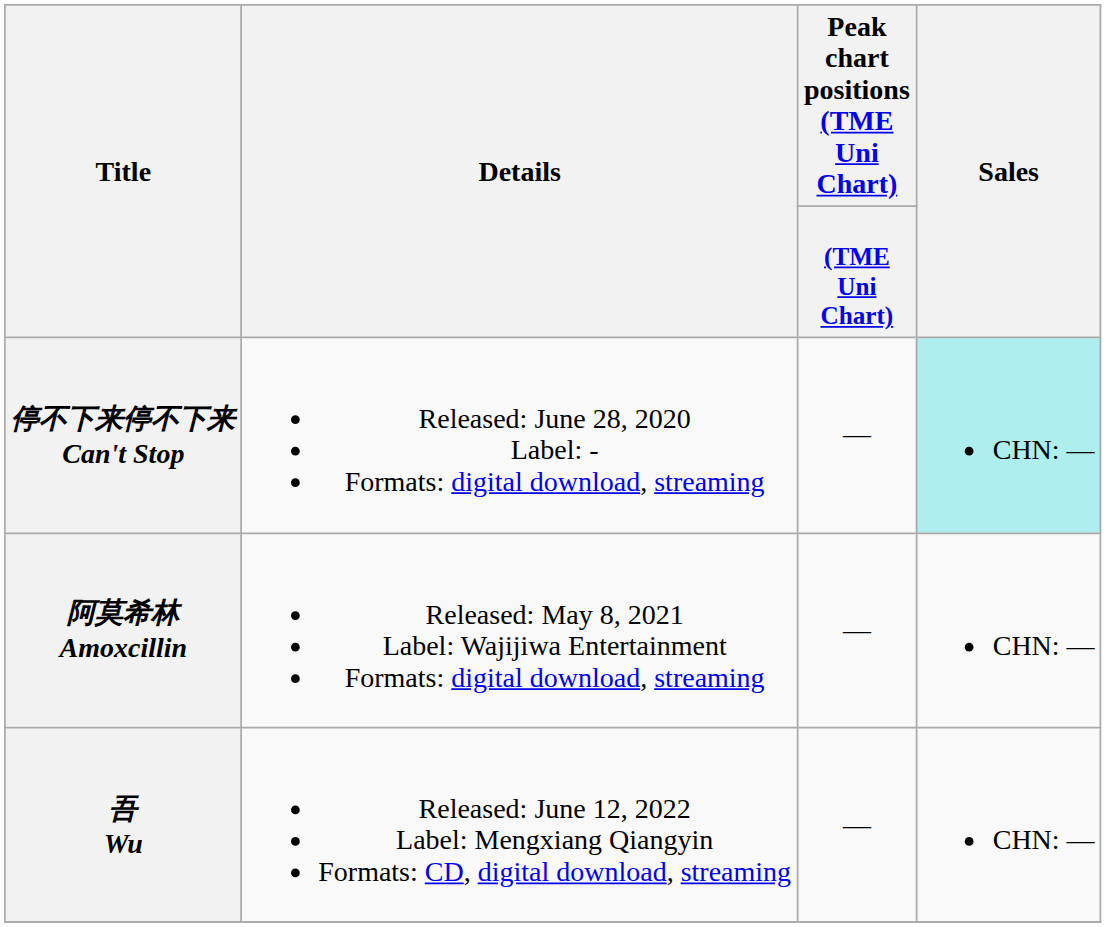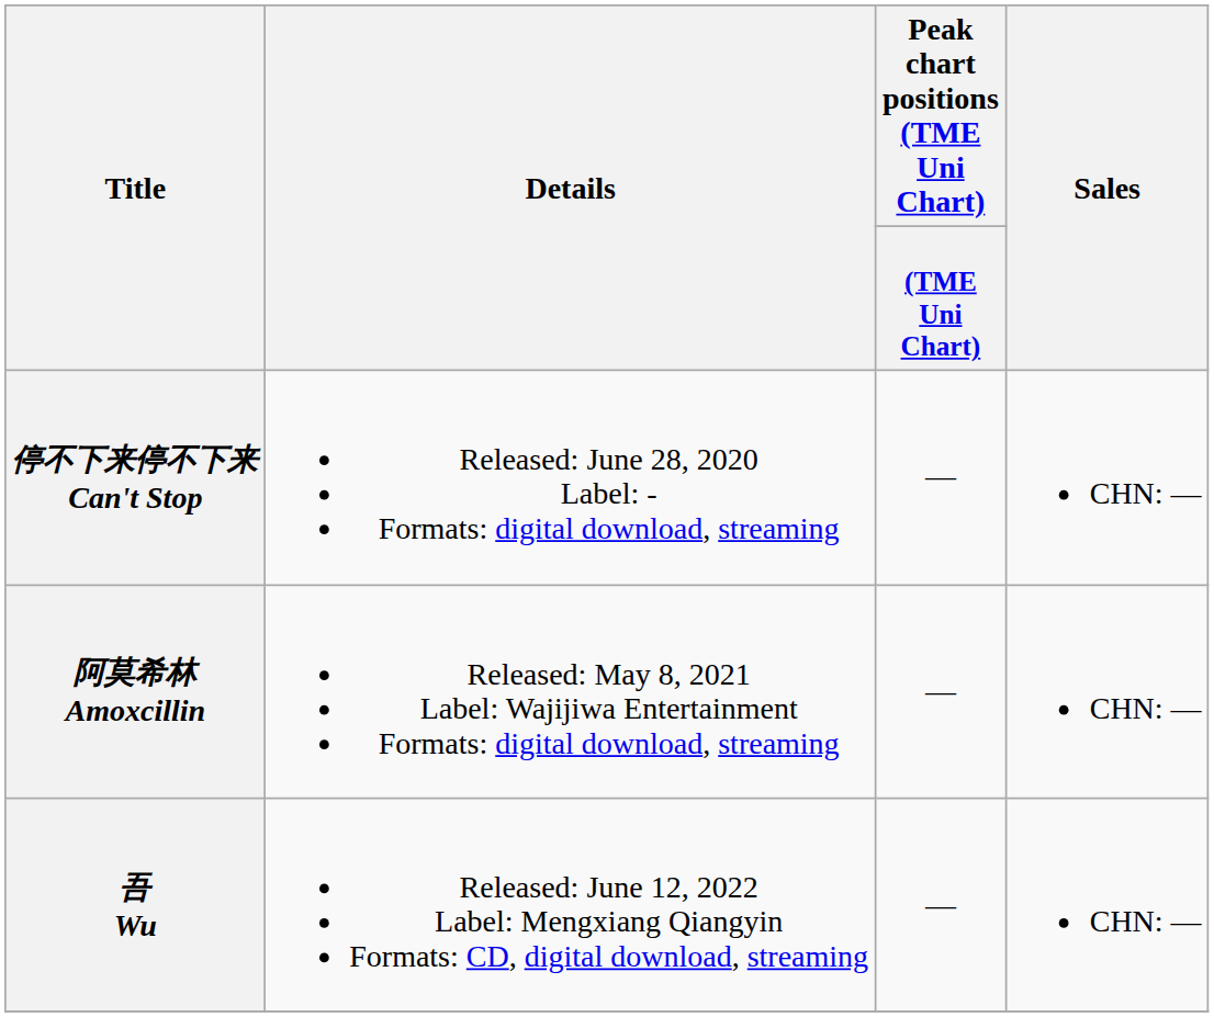 <table class="wikitable plainrowheaders" style="text-align:center">
 <tr>
 <th scope="col" rowspan="2">Title</th>
 <th scope="col" rowspan="2">Details</th>
 <th scope="col">Peak chart positions <br><a href='#'>(TME Uni Chart)</a></th>
 <th scope="col" rowspan="2">Sales</th>
 </tr>
 <tr>
 <th scope="col" style="font-size:90%; width:2.5em"><br><a href='#'>(TME Uni Chart)</a></th>
 </tr>
 <tr>
 <th scope="row"><em>停不下来停不下来<br>Can't Stop</em></th>
 <td><br><ul><li>Released: June 28, 2020</li><li>Label: -</li><li>Formats: <a href='#'>digital download</a>, <a href='#'>streaming</a></li></ul></td>
 <td>—</td>
-<td style="background: paleturquoise;"><br><ul><li>CHN: —</li></ul></td>
+<td><br><ul><li>CHN: —</li></ul></td>
 </tr>
 <tr>
 <th scope="row"><em>阿莫希林<br>Amoxcillin</em></th>
 <td><br><ul><li>Released: May 8, 2021</li><li>Label: Wajijiwa Entertainment</li><li>Formats: <a href='#'>digital download</a>, <a href='#'>streaming</a></li></ul></td>
 <td>—</td>
 <td><br><ul><li>CHN: —</li></ul></td>
 </tr>
 <tr>
 <th scope="row"><em>吾<br>Wu</em></th>
 <td><br><ul><li>Released: June 12, 2022</li><li>Label: Mengxiang Qiangyin</li><li>Formats:  <a href='#'>CD</a>, <a href='#'>digital download</a>, <a href='#'>streaming</a></li></ul></td>
 <td>—</td>
 <td><br><ul><li>CHN: —</li></ul></td>
 </tr>
 <tr>
 </tr>
 </table>
